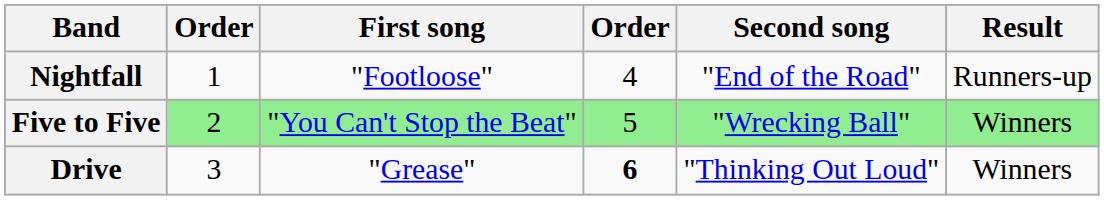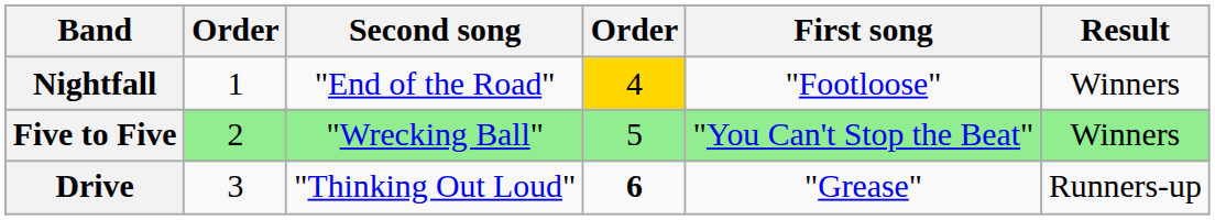 <table class="wikitable plainrowheaders" style="text-align:center;">
 <tr>
 <th scope="col">Band</th>
 <th scope="col">Order</th>
+<th scope="col">Second song</th>
+<th scope="col">Order</th>
 <th scope="col">First song</th>
-<th scope="col">Order</th>
-<th scope="col">Second song</th>
 <th scope="col">Result</th>
 </tr>
 <tr>
 <th scope="row">Nightfall</th>
 <td>1</td>
+<td>"<a href='#'>End of the Road</a>"</td>
+<td style="background: gold;">4</td>
 <td>"<a href='#'>Footloose</a>"</td>
-<td>4</td>
-<td>"<a href='#'>End of the Road</a>"</td>
-<td>Runners-up</td>
+<td>Winners</td>
 </tr>
 <tr style="background:lightgreen">
 <th scope="row">Five to Five</th>
 <td>2</td>
+<td>"<a href='#'>Wrecking Ball</a>"</td>
+<td>5</td>
 <td>"<a href='#'>You Can't Stop the Beat</a>"</td>
-<td>5</td>
-<td>"<a href='#'>Wrecking Ball</a>"</td>
 <td>Winners</td>
 </tr>
 <tr>
 <th scope="row">Drive</th>
 <td>3</td>
+<td>"<a href='#'>Thinking Out Loud</a>"</td>
+<td><strong>6</strong></td>
 <td>"<a href='#'>Grease</a>"</td>
-<td><strong>6</strong></td>
-<td>"<a href='#'>Thinking Out Loud</a>"</td>
-<td>Winners</td>
+<td>Runners-up</td>
 </tr>
 </table>
